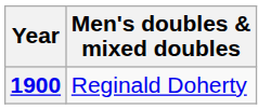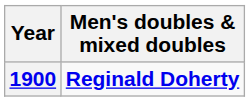 <table class="wikitable" style="display:inline-table">
 <tr>
 <th scope="col">Year</th>
 <th scope="col">Men's doubles &<br>mixed doubles</th>
 </tr>
 <tr>
 <th scope="row"><a href='#'>1900</a></th>
-<td> <a href='#'>Reginald Doherty</a></td>
+<td><strong> <a href='#'>Reginald Doherty</a></strong></td>
 </tr>
 </table>
